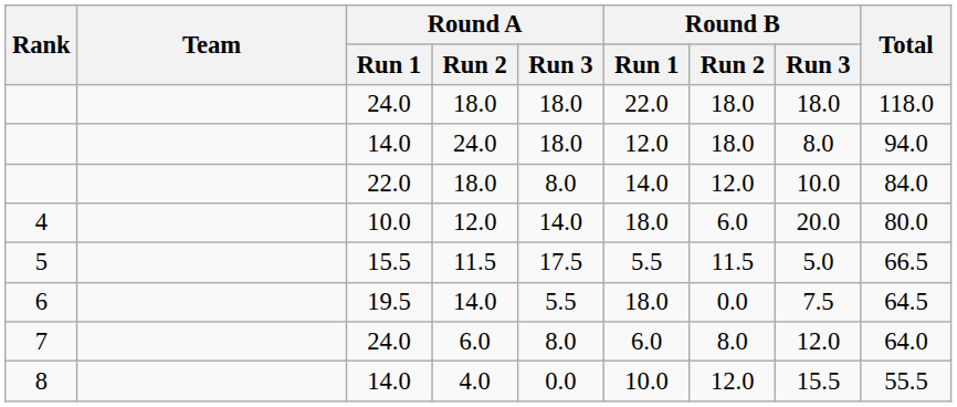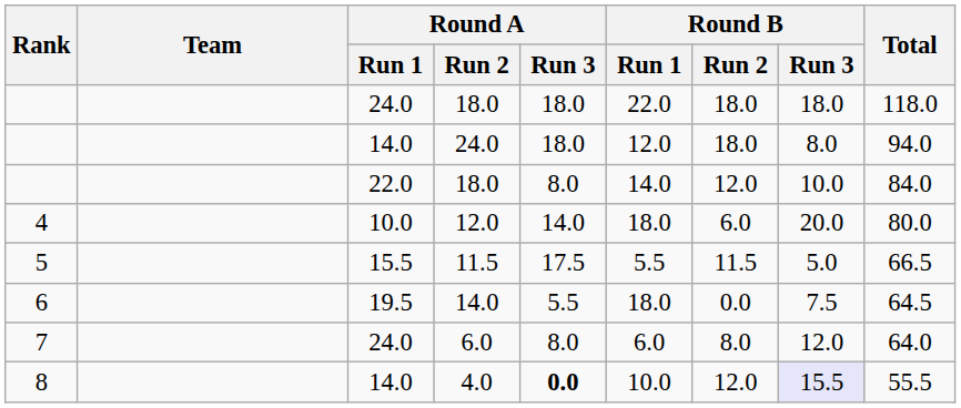 <table class=wikitable style="text-align:center">
 <tr>
 <th rowspan=2 width=40>Rank</th>
 <th rowspan=2 width=250>Team</th>
 <th colspan=3>Round A</th>
 <th colspan=3>Round B</th>
 <th rowspan=2 width=60>Total</th>
 </tr>
 <tr>
 <th width=60>Run 1</th>
 <th width=60>Run 2</th>
 <th width=60>Run 3</th>
 <th width=60>Run 1</th>
 <th width=60>Run 2</th>
 <th width=60>Run 3</th>
 </tr>
 <tr>
 <td></td>
 <td style="text-align:left"></td>
 <td>24.0</td>
 <td>18.0</td>
 <td>18.0</td>
 <td>22.0</td>
 <td>18.0</td>
 <td>18.0</td>
 <td>118.0</td>
 </tr>
 <tr>
 <td></td>
 <td style="text-align:left"></td>
 <td>14.0</td>
 <td>24.0</td>
 <td>18.0</td>
 <td>12.0</td>
 <td>18.0</td>
 <td>8.0</td>
 <td>94.0</td>
 </tr>
 <tr>
 <td></td>
 <td style="text-align:left"></td>
 <td>22.0</td>
 <td>18.0</td>
 <td>8.0</td>
 <td>14.0</td>
 <td>12.0</td>
 <td>10.0</td>
 <td>84.0</td>
 </tr>
 <tr>
 <td>4</td>
 <td style="text-align:left"></td>
 <td>10.0</td>
 <td>12.0</td>
 <td>14.0</td>
 <td>18.0</td>
 <td>6.0</td>
 <td>20.0</td>
 <td>80.0</td>
 </tr>
 <tr>
 <td>5</td>
 <td style="text-align:left"></td>
 <td>15.5</td>
 <td>11.5</td>
 <td>17.5</td>
 <td>5.5</td>
 <td>11.5</td>
 <td>5.0</td>
 <td>66.5</td>
 </tr>
 <tr>
 <td>6</td>
 <td style="text-align:left"></td>
 <td>19.5</td>
 <td>14.0</td>
 <td>5.5</td>
 <td>18.0</td>
 <td>0.0</td>
 <td>7.5</td>
 <td>64.5</td>
 </tr>
 <tr>
 <td>7</td>
 <td style="text-align:left"></td>
 <td>24.0</td>
 <td>6.0</td>
 <td>8.0</td>
 <td>6.0</td>
 <td>8.0</td>
 <td>12.0</td>
 <td>64.0</td>
 </tr>
 <tr>
 <td>8</td>
 <td style="text-align:left"></td>
 <td>14.0</td>
 <td>4.0</td>
-<td>0.0</td>
+<td><strong>0.0</strong></td>
 <td>10.0</td>
 <td>12.0</td>
-<td>15.5</td>
+<td style="background: lavender;">15.5</td>
 <td>55.5</td>
 </tr>
 </table>
